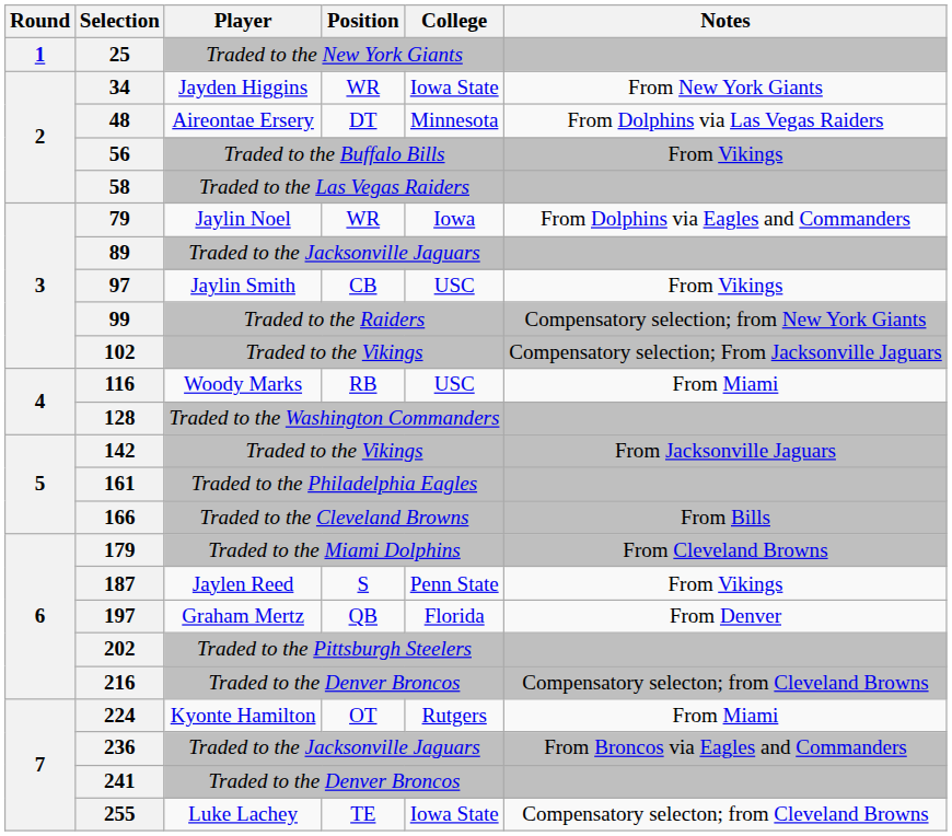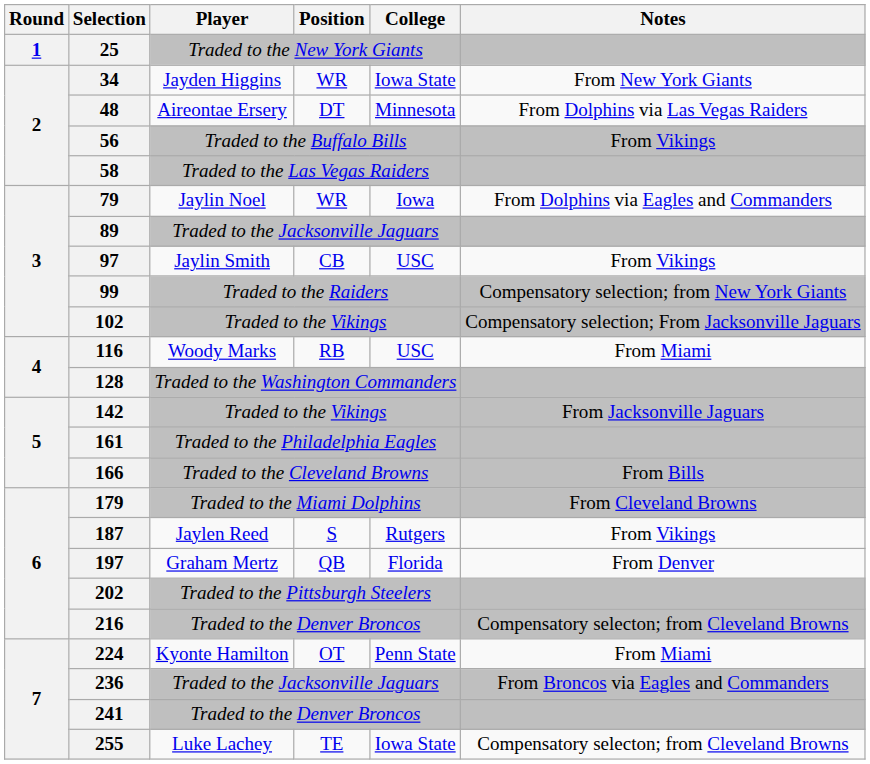 <table class="wikitable" style="text-align:center">
 <tr>
 <th>Round</th>
 <th>Selection</th>
 <th>Player</th>
 <th>Position</th>
 <th>College</th>
 <th>Notes</th>
 </tr>
 <tr>
 <th><a href='#'>1</a></th>
 <th>25</th>
 <td colspan="3" style="background:#BFBFBF"><em>Traded to the <a href='#'>New York Giants</a></em></td>
 <td style="background:#BFBFBF"></td>
 </tr>
 <tr>
 <th rowspan="4">2</th>
 <th>34</th>
 <td><a href='#'>Jayden Higgins</a></td>
 <td><a href='#'>WR</a></td>
 <td><a href='#'>Iowa State</a></td>
 <td>From <a href='#'>New York Giants</a></td>
 </tr>
 <tr>
 <th>48</th>
 <td><a href='#'>Aireontae Ersery</a></td>
 <td><a href='#'>DT</a></td>
 <td><a href='#'>Minnesota</a></td>
 <td>From <a href='#'>Dolphins</a> via <a href='#'>Las Vegas Raiders</a></td>
 </tr>
 <tr>
 <th>56</th>
 <td colspan="3" style="background:#BFBFBF"><em>Traded to the <a href='#'>Buffalo Bills</a></em></td>
 <td style="background:#BFBFBF">From <a href='#'>Vikings</a></td>
 </tr>
 <tr>
 <th>58</th>
 <td colspan="3" style="background:#BFBFBF"><em>Traded to the <a href='#'>Las Vegas Raiders</a></em></td>
 <td style="background:#BFBFBF"></td>
 </tr>
 <tr>
 <th rowspan="5">3</th>
 <th>79</th>
 <td><a href='#'>Jaylin Noel</a></td>
 <td><a href='#'>WR</a></td>
 <td><a href='#'>Iowa</a></td>
 <td>From <a href='#'>Dolphins</a> via <a href='#'>Eagles</a> and <a href='#'>Commanders</a></td>
 </tr>
 <tr>
 <th>89</th>
 <td colspan="3" style="background:#BFBFBF"><em>Traded to the <a href='#'>Jacksonville Jaguars</a></em></td>
 <td style="background:#BFBFBF"></td>
 </tr>
 <tr>
 <th>97</th>
 <td><a href='#'>Jaylin Smith</a></td>
 <td><a href='#'>CB</a></td>
 <td><a href='#'>USC</a></td>
 <td>From <a href='#'>Vikings</a></td>
 </tr>
 <tr>
 <th>99</th>
 <td colspan="3" style="background:#BFBFBF"><em>Traded to the <a href='#'>Raiders</a></em></td>
 <td style="background:#BFBFBF">Compensatory selection; from <a href='#'>New York Giants</a></td>
 </tr>
 <tr>
 <th>102</th>
 <td colspan="3" style="background:#BFBFBF"><em>Traded to the <a href='#'>Vikings</a></em></td>
 <td style="background:#BFBFBF">Compensatory selection; From <a href='#'>Jacksonville Jaguars</a></td>
 </tr>
 <tr>
 <th rowspan="2">4</th>
 <th>116</th>
 <td><a href='#'>Woody Marks</a></td>
 <td><a href='#'>RB</a></td>
 <td><a href='#'>USC</a></td>
 <td>From <a href='#'>Miami</a></td>
 </tr>
 <tr>
 <th>128</th>
 <td colspan="3" style="background:#BFBFBF"><em>Traded to the <a href='#'>Washington Commanders</a></em></td>
 <td style="background:#BFBFBF"></td>
 </tr>
 <tr>
 <th rowspan="3">5</th>
 <th>142</th>
 <td colspan="3" style="background:#BFBFBF"><em>Traded to the <a href='#'>Vikings</a></em></td>
 <td style="background:#BFBFBF">From <a href='#'>Jacksonville Jaguars</a></td>
 </tr>
 <tr>
 <th>161</th>
 <td colspan="3" style="background:#BFBFBF"><em>Traded to the <a href='#'>Philadelphia Eagles</a></em></td>
 <td style="background:#BFBFBF"></td>
 </tr>
 <tr>
 <th>166</th>
 <td colspan="3" style="background:#BFBFBF"><em>Traded to the <a href='#'>Cleveland Browns</a></em></td>
 <td style="background:#BFBFBF">From <a href='#'>Bills</a></td>
 </tr>
 <tr>
 <th rowspan="5">6</th>
 <th>179</th>
 <td colspan="3" style="background:#BFBFBF"><em>Traded to the <a href='#'>Miami Dolphins</a></em></td>
 <td style="background:#BFBFBF">From <a href='#'>Cleveland Browns</a></td>
 </tr>
 <tr>
 <th>187</th>
 <td><a href='#'>Jaylen Reed</a></td>
 <td><a href='#'>S</a></td>
-<td><a href='#'>Penn State</a></td>
+<td><a href='#'>Rutgers</a></td>
 <td>From <a href='#'>Vikings</a></td>
 </tr>
 <tr>
 <th>197</th>
 <td><a href='#'>Graham Mertz</a></td>
 <td><a href='#'>QB</a></td>
 <td><a href='#'>Florida</a></td>
 <td>From <a href='#'>Denver</a></td>
 </tr>
 <tr>
 <th>202</th>
 <td colspan="3" style="background:#BFBFBF"><em>Traded to the <a href='#'>Pittsburgh Steelers</a></em></td>
 <td style="background:#BFBFBF"></td>
 </tr>
 <tr>
 <th>216</th>
 <td colspan="3" style="background:#BFBFBF"><em>Traded to the <a href='#'>Denver Broncos</a></em></td>
 <td style="background:#BFBFBF">Compensatory selecton; from <a href='#'>Cleveland Browns</a></td>
 </tr>
 <tr>
 <th rowspan="4">7</th>
 <th>224</th>
 <td><a href='#'>Kyonte Hamilton</a></td>
 <td><a href='#'>OT</a></td>
-<td><a href='#'>Rutgers</a></td>
+<td><a href='#'>Penn State</a></td>
 <td>From <a href='#'>Miami</a></td>
 </tr>
 <tr>
 <th>236</th>
 <td colspan="3" style="background:#BFBFBF"><em>Traded to the <a href='#'>Jacksonville Jaguars</a></em></td>
 <td style="background:#BFBFBF">From <a href='#'>Broncos</a> via <a href='#'>Eagles</a> and <a href='#'>Commanders</a></td>
 </tr>
 <tr>
 <th>241</th>
 <td colspan="3" style="background:#BFBFBF"><em>Traded to the <a href='#'>Denver Broncos</a></em></td>
 <td style="background:#BFBFBF"></td>
 </tr>
 <tr>
 <th>255</th>
 <td><a href='#'>Luke Lachey</a></td>
 <td><a href='#'>TE</a></td>
 <td><a href='#'>Iowa State</a></td>
 <td>Compensatory selecton; from <a href='#'>Cleveland Browns</a></td>
 </tr>
 </table>
